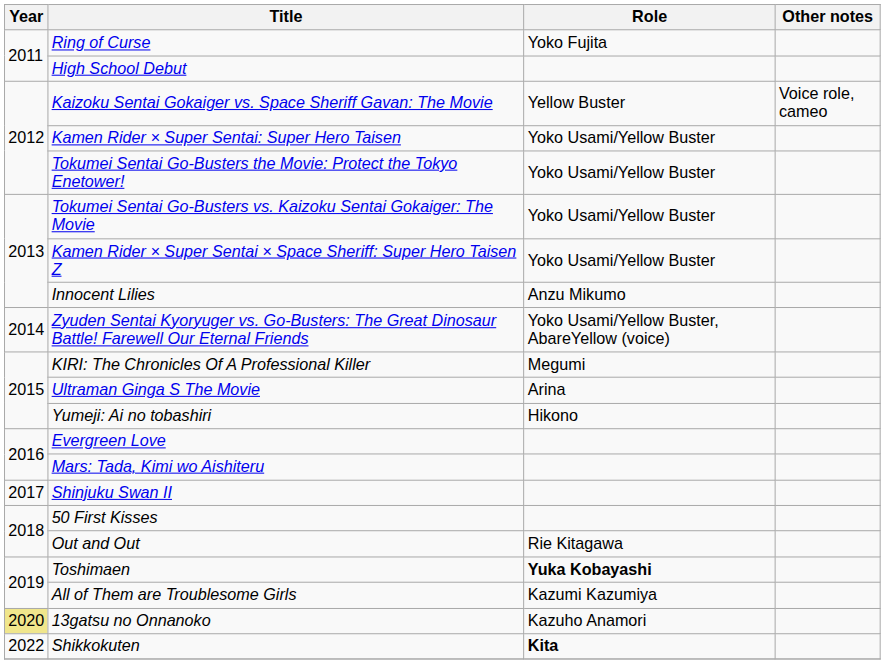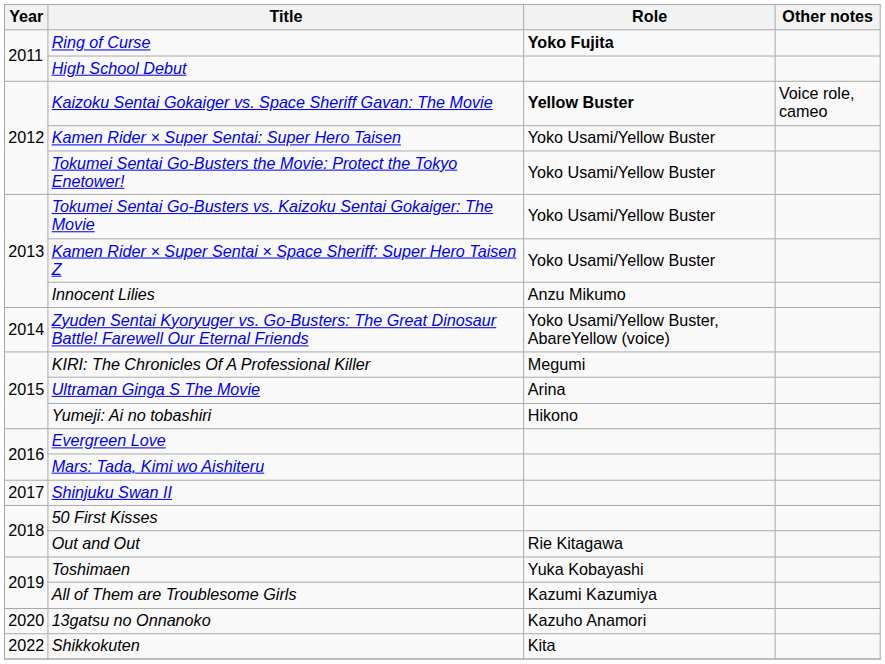 <table class="wikitable">
 <tr>
 <th>Year</th>
 <th>Title</th>
 <th>Role</th>
 <th>Other notes</th>
 </tr>
 <tr>
 <td rowspan="2">2011</td>
 <td><em><a href='#'>Ring of Curse</a></em></td>
-<td>Yoko Fujita</td>
+<td><strong>Yoko Fujita</strong></td>
 <td></td>
 </tr>
 <tr>
 <td><em><a href='#'>High School Debut</a></em></td>
 <td></td>
 <td></td>
 </tr>
 <tr>
 <td rowspan="3">2012</td>
 <td><em><a href='#'>Kaizoku Sentai Gokaiger vs. Space Sheriff Gavan: The Movie</a></em></td>
-<td>Yellow Buster</td>
+<td><strong>Yellow Buster</strong></td>
 <td>Voice role, cameo</td>
 </tr>
 <tr>
 <td><em><a href='#'>Kamen Rider × Super Sentai: Super Hero Taisen</a></em></td>
 <td>Yoko Usami/Yellow Buster</td>
 <td></td>
 </tr>
 <tr>
 <td><em><a href='#'>Tokumei Sentai Go-Busters the Movie: Protect the Tokyo Enetower!</a></em></td>
 <td>Yoko Usami/Yellow Buster</td>
 <td></td>
 </tr>
 <tr>
 <td rowspan="3">2013</td>
 <td><em><a href='#'>Tokumei Sentai Go-Busters vs. Kaizoku Sentai Gokaiger: The Movie</a></em></td>
 <td>Yoko Usami/Yellow Buster</td>
 <td></td>
 </tr>
 <tr>
 <td><em><a href='#'>Kamen Rider × Super Sentai × Space Sheriff: Super Hero Taisen Z</a></em></td>
 <td>Yoko Usami/Yellow Buster</td>
 <td></td>
 </tr>
 <tr>
 <td><em>Innocent Lilies</em></td>
 <td>Anzu Mikumo</td>
 <td></td>
 </tr>
 <tr>
 <td>2014</td>
 <td><em><a href='#'>Zyuden Sentai Kyoryuger vs. Go-Busters: The Great Dinosaur Battle! Farewell Our Eternal Friends</a></em></td>
 <td>Yoko Usami/Yellow Buster, AbareYellow (voice)</td>
 <td></td>
 </tr>
 <tr>
 <td rowspan="3">2015</td>
 <td><em>KIRI: The Chronicles Of A Professional Killer</em></td>
 <td>Megumi</td>
 <td></td>
 </tr>
 <tr>
 <td><em><a href='#'>Ultraman Ginga S The Movie</a></em></td>
 <td>Arina</td>
 <td></td>
 </tr>
 <tr>
 <td><em>Yumeji: Ai no tobashiri</em></td>
 <td>Hikono</td>
 <td></td>
 </tr>
 <tr>
 <td rowspan="2">2016</td>
 <td><em><a href='#'>Evergreen Love</a></em></td>
 <td></td>
 <td></td>
 </tr>
 <tr>
 <td><em><a href='#'>Mars: Tada, Kimi wo Aishiteru</a></em></td>
 <td></td>
 <td></td>
 </tr>
 <tr>
 <td>2017</td>
 <td><em><a href='#'>Shinjuku Swan II</a></em></td>
 <td></td>
 <td></td>
 </tr>
 <tr>
 <td rowspan="2">2018</td>
 <td><em>50 First Kisses</em></td>
 <td></td>
 <td></td>
 </tr>
 <tr>
 <td><em>Out and Out</em></td>
 <td>Rie Kitagawa</td>
 <td></td>
 </tr>
 <tr>
 <td rowspan="2">2019</td>
 <td><em>Toshimaen</em></td>
-<td><strong>Yuka Kobayashi</strong></td>
+<td>Yuka Kobayashi</td>
 <td></td>
 </tr>
 <tr>
 <td><em>All of Them are Troublesome Girls</em></td>
 <td>Kazumi Kazumiya</td>
 <td></td>
 </tr>
 <tr>
-<td style="background: khaki;">2020</td>
+<td>2020</td>
 <td><em>13gatsu no Onnanoko</em></td>
 <td>Kazuho Anamori</td>
 <td></td>
 </tr>
 <tr>
 <td>2022</td>
 <td><em>Shikkokuten</em></td>
-<td><strong>Kita</strong></td>
+<td>Kita</td>
 <td></td>
 </tr>
 <tr>
 </tr>
 </table>
